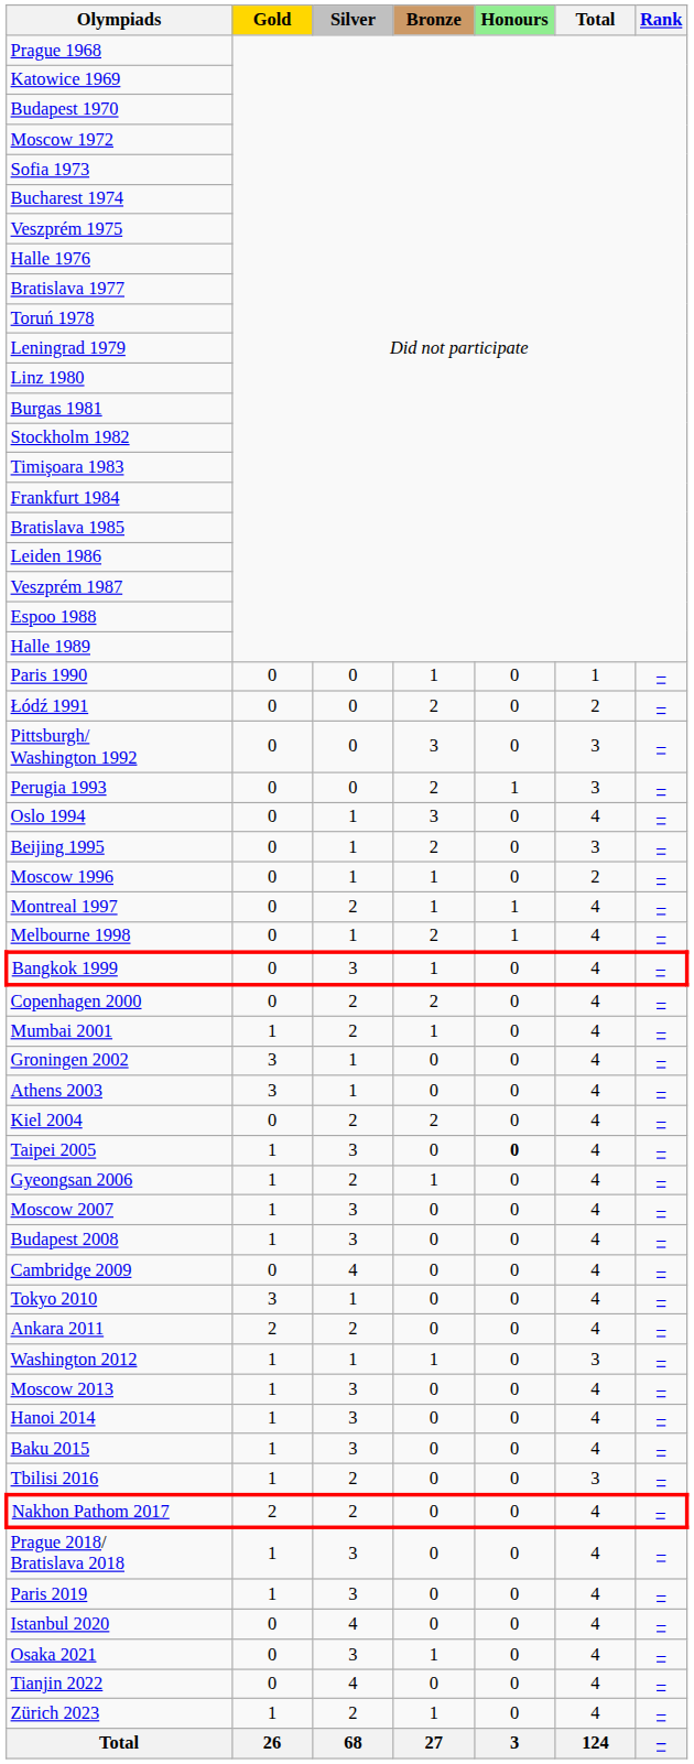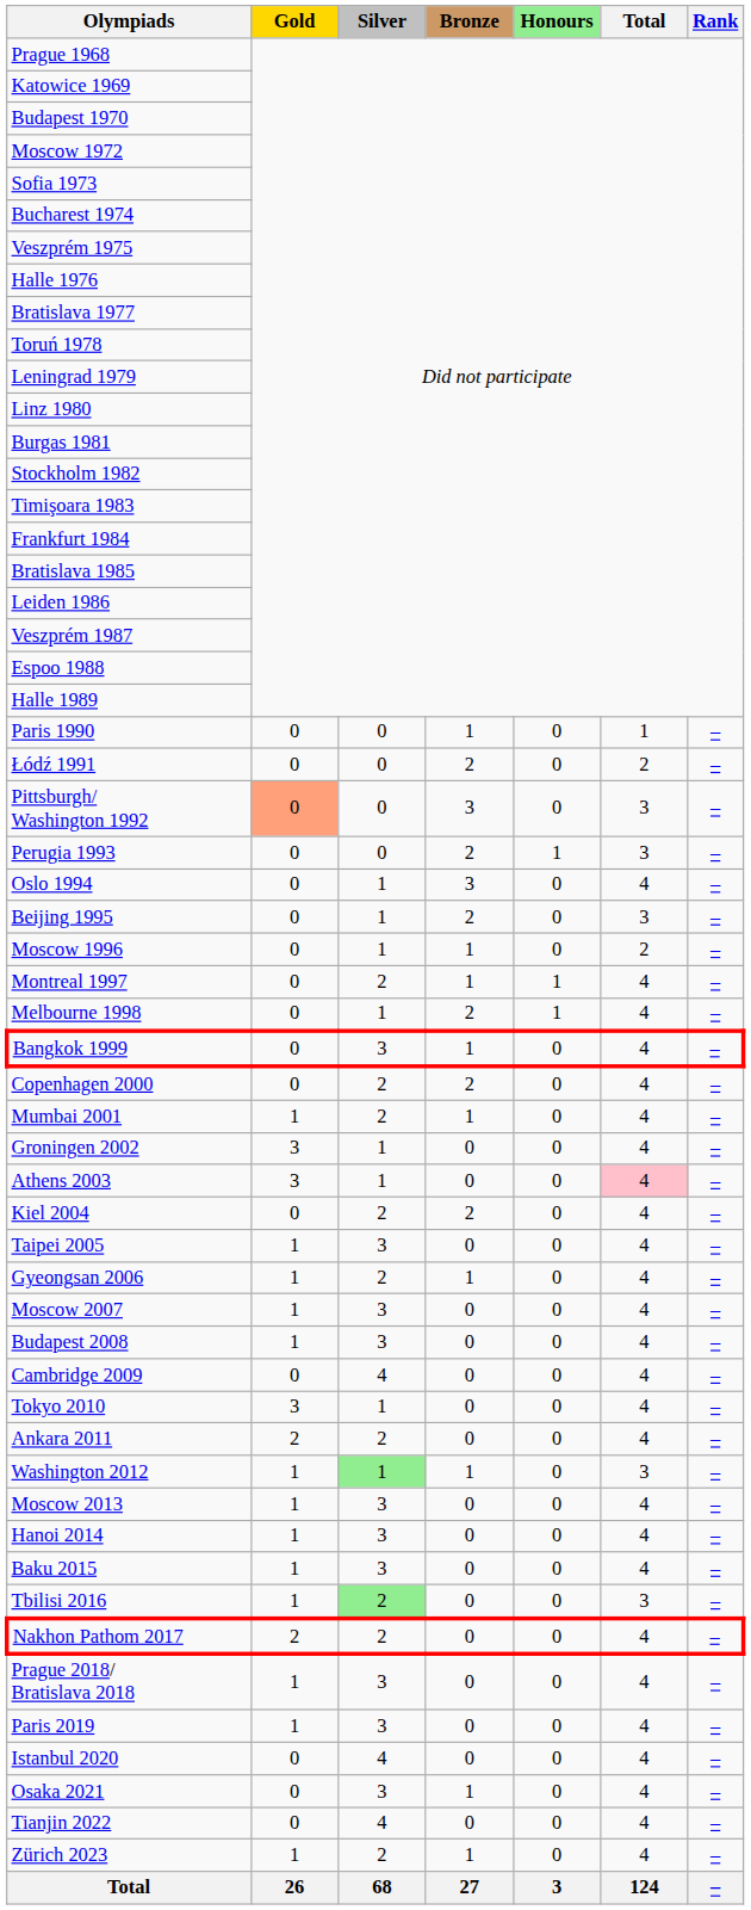 <table class="wikitable" style="text-align:center; font-size:90%;">
 <tr>
 <th style="width:12em;">Olympiads</th>
 <th style="width:4em; background:gold;">Gold</th>
 <th style="width:4em; background:silver;">Silver</th>
 <th style="width:4em; background:#cc9966;">Bronze</th>
 <th style="width:4em; background:#90EE90;">Honours</th>
 <th style="width:4em;">Total</th>
 <th style="width:2em;"><a href='#'>Rank</a></th>
 </tr>
 <tr>
 <td align=left> <a href='#'>Prague 1968</a></td>
 <td align=center colspan=6 rowspan="21"><em>Did not participate</em></td>
 </tr>
 <tr>
 <td align=left> <a href='#'>Katowice 1969</a></td>
 </tr>
 <tr>
 <td align=left> <a href='#'>Budapest 1970</a></td>
 </tr>
 <tr>
 <td align=left> <a href='#'>Moscow 1972</a></td>
 </tr>
 <tr>
 <td align=left> <a href='#'>Sofia 1973</a></td>
 </tr>
 <tr>
 <td align=left> <a href='#'>Bucharest 1974</a></td>
 </tr>
 <tr>
 <td align=left> <a href='#'>Veszprém 1975</a></td>
 </tr>
 <tr>
 <td align=left> <a href='#'>Halle 1976</a></td>
 </tr>
 <tr>
 <td align=left> <a href='#'>Bratislava 1977</a></td>
 </tr>
 <tr>
 <td align=left> <a href='#'>Toruń 1978</a></td>
 </tr>
 <tr>
 <td align=left> <a href='#'>Leningrad 1979</a></td>
 </tr>
 <tr>
 <td align=left> <a href='#'>Linz 1980</a></td>
 </tr>
 <tr>
 <td align=left> <a href='#'>Burgas 1981</a></td>
 </tr>
 <tr>
 <td align=left> <a href='#'>Stockholm 1982</a></td>
 </tr>
 <tr>
 <td align=left> <a href='#'>Timişoara 1983</a></td>
 </tr>
 <tr>
 <td align=left> <a href='#'>Frankfurt 1984</a></td>
 </tr>
 <tr>
 <td align=left> <a href='#'>Bratislava 1985</a></td>
 </tr>
 <tr>
 <td align=left> <a href='#'>Leiden 1986</a></td>
 </tr>
 <tr>
 <td align=left> <a href='#'>Veszprém 1987</a></td>
 </tr>
 <tr>
 <td align=left> <a href='#'>Espoo 1988</a></td>
 </tr>
 <tr>
 <td align=left> <a href='#'>Halle 1989</a></td>
 </tr>
 <tr>
 <td align=left> <a href='#'>Paris 1990</a></td>
 <td>0</td>
 <td>0</td>
 <td>1</td>
 <td>0</td>
 <td>1</td>
 <td><a href='#'>–</a></td>
 </tr>
 <tr>
 <td align=left> <a href='#'>Łódź 1991</a></td>
 <td>0</td>
 <td>0</td>
 <td>2</td>
 <td>0</td>
 <td>2</td>
 <td><a href='#'>–</a></td>
 </tr>
 <tr>
 <td align=left> <a href='#'>Pittsburgh/<br>Washington 1992</a></td>
-<td>0</td>
+<td style="background: lightsalmon;">0</td>
 <td>0</td>
 <td>3</td>
 <td>0</td>
 <td>3</td>
 <td><a href='#'>–</a></td>
 </tr>
 <tr>
 <td align=left> <a href='#'>Perugia 1993</a></td>
 <td>0</td>
 <td>0</td>
 <td>2</td>
 <td>1</td>
 <td>3</td>
 <td><a href='#'>–</a></td>
 </tr>
 <tr>
 <td align=left> <a href='#'>Oslo 1994</a></td>
 <td>0</td>
 <td>1</td>
 <td>3</td>
 <td>0</td>
 <td>4</td>
 <td><a href='#'>–</a></td>
 </tr>
 <tr>
 <td align=left> <a href='#'>Beijing 1995</a></td>
 <td>0</td>
 <td>1</td>
 <td>2</td>
 <td>0</td>
 <td>3</td>
 <td><a href='#'>–</a></td>
 </tr>
 <tr>
 <td align=left> <a href='#'>Moscow 1996</a></td>
 <td>0</td>
 <td>1</td>
 <td>1</td>
 <td>0</td>
 <td>2</td>
 <td><a href='#'>–</a></td>
 </tr>
 <tr>
 <td align=left> <a href='#'>Montreal 1997</a></td>
 <td>0</td>
 <td>2</td>
 <td>1</td>
 <td>1</td>
 <td>4</td>
 <td><a href='#'>–</a></td>
 </tr>
 <tr>
 <td align=left> <a href='#'>Melbourne 1998</a></td>
 <td>0</td>
 <td>1</td>
 <td>2</td>
 <td>1</td>
 <td>4</td>
 <td><a href='#'>–</a></td>
 </tr>
 <tr style="border: 3px solid red">
 <td align=left> <a href='#'>Bangkok 1999</a></td>
 <td>0</td>
 <td>3</td>
 <td>1</td>
 <td>0</td>
 <td>4</td>
 <td><a href='#'>–</a></td>
 </tr>
 <tr>
 <td align=left> <a href='#'>Copenhagen 2000</a></td>
 <td>0</td>
 <td>2</td>
 <td>2</td>
 <td>0</td>
 <td>4</td>
 <td><a href='#'>–</a></td>
 </tr>
 <tr>
 <td align=left> <a href='#'>Mumbai 2001</a></td>
 <td>1</td>
 <td>2</td>
 <td>1</td>
 <td>0</td>
 <td>4</td>
 <td><a href='#'>–</a></td>
 </tr>
 <tr>
 <td align=left> <a href='#'>Groningen 2002</a></td>
 <td>3</td>
 <td>1</td>
 <td>0</td>
 <td>0</td>
 <td>4</td>
 <td><a href='#'>–</a></td>
 </tr>
 <tr>
 <td align=left> <a href='#'>Athens 2003</a></td>
 <td>3</td>
 <td>1</td>
 <td>0</td>
 <td>0</td>
-<td>4</td>
+<td style="background: pink;">4</td>
 <td><a href='#'>–</a></td>
 </tr>
 <tr>
 <td align=left> <a href='#'>Kiel 2004</a></td>
 <td>0</td>
 <td>2</td>
 <td>2</td>
 <td>0</td>
 <td>4</td>
 <td><a href='#'>–</a></td>
 </tr>
 <tr>
 <td align=left> <a href='#'>Taipei 2005</a></td>
 <td>1</td>
 <td>3</td>
 <td>0</td>
-<td><strong>0</strong></td>
+<td>0</td>
 <td>4</td>
 <td><a href='#'>–</a></td>
 </tr>
 <tr>
 <td align=left> <a href='#'>Gyeongsan 2006</a></td>
 <td>1</td>
 <td>2</td>
 <td>1</td>
 <td>0</td>
 <td>4</td>
 <td><a href='#'>–</a></td>
 </tr>
 <tr>
 <td align=left> <a href='#'>Moscow 2007</a></td>
 <td>1</td>
 <td>3</td>
 <td>0</td>
 <td>0</td>
 <td>4</td>
 <td><a href='#'>–</a></td>
 </tr>
 <tr>
 <td align=left> <a href='#'>Budapest 2008</a></td>
 <td>1</td>
 <td>3</td>
 <td>0</td>
 <td>0</td>
 <td>4</td>
 <td><a href='#'>–</a></td>
 </tr>
 <tr>
 <td align=left> <a href='#'>Cambridge 2009</a></td>
 <td>0</td>
 <td>4</td>
 <td>0</td>
 <td>0</td>
 <td>4</td>
 <td><a href='#'>–</a></td>
 </tr>
 <tr>
 <td align=left> <a href='#'>Tokyo 2010</a></td>
 <td>3</td>
 <td>1</td>
 <td>0</td>
 <td>0</td>
 <td>4</td>
 <td><a href='#'>–</a></td>
 </tr>
 <tr>
 <td align=left> <a href='#'>Ankara 2011</a></td>
 <td>2</td>
 <td>2</td>
 <td>0</td>
 <td>0</td>
 <td>4</td>
 <td><a href='#'>–</a></td>
 </tr>
 <tr>
 <td align=left> <a href='#'>Washington 2012</a></td>
 <td>1</td>
-<td>1</td>
+<td style="background: lightgreen;">1</td>
 <td>1</td>
 <td>0</td>
 <td>3</td>
 <td><a href='#'>–</a></td>
 </tr>
 <tr>
 <td align=left> <a href='#'>Moscow 2013</a></td>
 <td>1</td>
 <td>3</td>
 <td>0</td>
 <td>0</td>
 <td>4</td>
 <td><a href='#'>–</a></td>
 </tr>
 <tr>
 <td align=left> <a href='#'>Hanoi 2014</a></td>
 <td>1</td>
 <td>3</td>
 <td>0</td>
 <td>0</td>
 <td>4</td>
 <td><a href='#'>–</a></td>
 </tr>
 <tr>
 <td align=left> <a href='#'>Baku 2015</a></td>
 <td>1</td>
 <td>3</td>
 <td>0</td>
 <td>0</td>
 <td>4</td>
 <td><a href='#'>–</a></td>
 </tr>
 <tr>
 <td align=left> <a href='#'>Tbilisi 2016</a></td>
 <td>1</td>
-<td>2</td>
+<td style="background: lightgreen;">2</td>
 <td>0</td>
 <td>0</td>
 <td>3</td>
 <td><a href='#'>–</a></td>
 </tr>
 <tr style="border: 3px solid red">
 <td align=left> <a href='#'>Nakhon Pathom 2017</a></td>
 <td>2</td>
 <td>2</td>
 <td>0</td>
 <td>0</td>
 <td>4</td>
 <td><a href='#'>–</a></td>
 </tr>
 <tr>
 <td align=left> <a href='#'>Prague 2018</a>/<br><a href='#'>Bratislava 2018</a></td>
 <td>1</td>
 <td>3</td>
 <td>0</td>
 <td>0</td>
 <td>4</td>
 <td><a href='#'>–</a></td>
 </tr>
 <tr>
 <td align=left> <a href='#'>Paris 2019</a></td>
 <td>1</td>
 <td>3</td>
 <td>0</td>
 <td>0</td>
 <td>4</td>
 <td><a href='#'>–</a></td>
 </tr>
 <tr>
 <td align=left> <a href='#'>Istanbul 2020</a></td>
 <td>0</td>
 <td>4</td>
 <td>0</td>
 <td>0</td>
 <td>4</td>
 <td><a href='#'>–</a></td>
 </tr>
 <tr>
 <td align=left> <a href='#'>Osaka 2021</a></td>
 <td>0</td>
 <td>3</td>
 <td>1</td>
 <td>0</td>
 <td>4</td>
 <td><a href='#'>–</a></td>
 </tr>
 <tr>
 <td align=left> <a href='#'>Tianjin 2022</a></td>
 <td>0</td>
 <td>4</td>
 <td>0</td>
 <td>0</td>
 <td>4</td>
 <td><a href='#'>–</a></td>
 </tr>
 <tr>
 <td align=left> <a href='#'>Zürich 2023</a></td>
 <td>1</td>
 <td>2</td>
 <td>1</td>
 <td>0</td>
 <td>4</td>
 <td><a href='#'>–</a></td>
 </tr>
 <tr>
 <th colspan=1>Total</th>
 <th>26</th>
 <th>68</th>
 <th>27</th>
 <th>3</th>
 <th>124</th>
 <th><a href='#'>–</a></th>
 </tr>
 </table>
